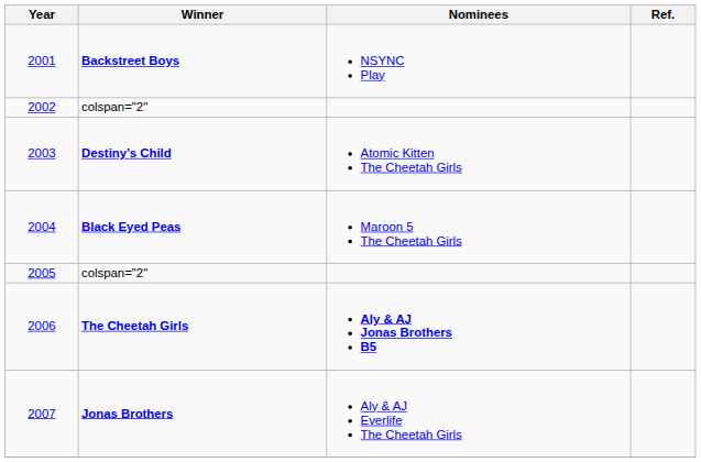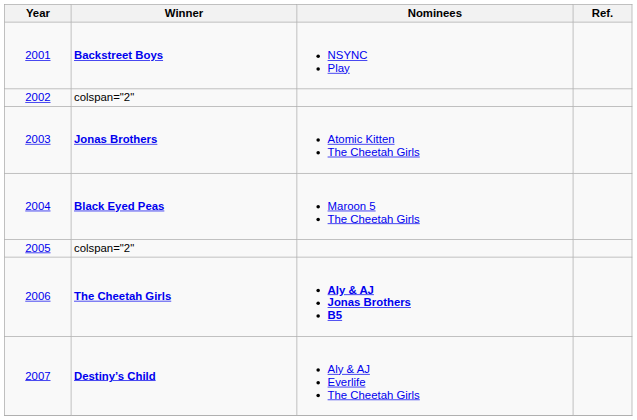 <table class="wikitable" width=70%>
 <tr>
 <th>Year</th>
 <th>Winner</th>
 <th>Nominees</th>
 <th>Ref.</th>
 </tr>
 <tr>
 <td align="center"><a href='#'>2001</a></td>
 <td><strong><a href='#'>Backstreet Boys</a></strong></td>
 <td><br><ul><li><a href='#'>NSYNC</a></li><li><a href='#'>Play</a></li></ul></td>
 <td align="center"></td>
 </tr>
 <tr>
 <td align="center"><a href='#'>2002</a></td>
 <td>colspan="2" </td>
 <td align="center"></td>
 </tr>
 <tr>
 <td align="center"><a href='#'>2003</a></td>
-<td><strong><a href='#'>Destiny’s Child</a></strong></td>
+<td><strong><a href='#'>Jonas Brothers</a></strong></td>
 <td><br><ul><li><a href='#'>Atomic Kitten</a></li><li><a href='#'>The Cheetah Girls</a></li></ul></td>
 <td align="center"></td>
 </tr>
 <tr>
 <td align="center"><a href='#'>2004</a></td>
 <td><strong><a href='#'>Black Eyed Peas</a></strong></td>
 <td><br><ul><li><a href='#'>Maroon 5</a></li><li><a href='#'>The Cheetah Girls</a></li></ul></td>
 <td align="center"></td>
 </tr>
 <tr>
 <td align="center"><a href='#'>2005</a></td>
 <td>colspan="2" </td>
 <td align="center"></td>
 </tr>
 <tr>
 <td align="center"><a href='#'>2006</a></td>
 <td><strong><a href='#'>The Cheetah Girls</a></strong></td>
 <td><strong><br><ul><li><a href='#'>Aly & AJ</a></li><li><a href='#'>Jonas Brothers</a></li><li><a href='#'>B5</a></li></ul></strong></td>
 <td align="center"></td>
 </tr>
 <tr>
 <td align="center"><a href='#'>2007</a></td>
-<td><strong><a href='#'>Jonas Brothers</a></strong></td>
+<td><strong><a href='#'>Destiny’s Child</a></strong></td>
 <td><br><ul><li><a href='#'>Aly & AJ</a></li><li><a href='#'>Everlife</a></li><li><a href='#'>The Cheetah Girls</a></li></ul></td>
 <td align="center"></td>
 </tr>
 <tr>
 </tr>
 </table>
